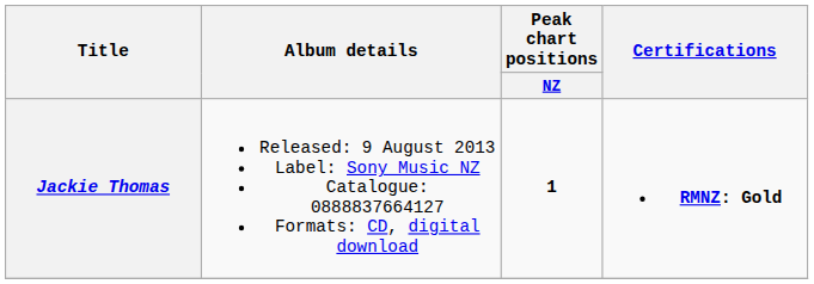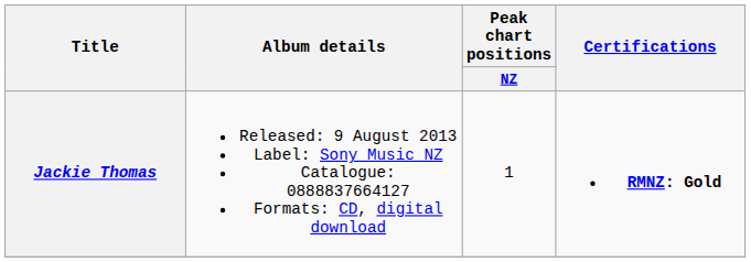 <table class="wikitable plainrowheaders" style="text-align:center;">
 <tr>
 <th scope="col" rowspan="2" style="width:12em;">Title</th>
 <th scope="col" rowspan="2" style="width:18em;">Album details</th>
 <th scope="col" colspan="1">Peak chart positions</th>
 <th scope="col" rowspan="2" style="width:12em;"><a href='#'>Certifications</a></th>
 </tr>
 <tr>
 <th scope="col" style="width:3em;font-size:90%;"><a href='#'>NZ</a><br></th>
 </tr>
 <tr>
 <th scope="row"><em><a href='#'>Jackie Thomas</a></em></th>
 <td><br><ul><li>Released: 9 August 2013</li><li>Label: <a href='#'>Sony Music NZ</a></li><li>Catalogue: 0888837664127</li><li>Formats: <a href='#'>CD</a>, <a href='#'>digital download</a></li></ul></td>
-<td><strong>1</strong></td>
+<td>1</td>
 <td><strong><br><ul><li><a href='#'>RMNZ</a>: Gold</li></ul></strong></td>
 </tr>
 <tr>
 </tr>
 </table>
